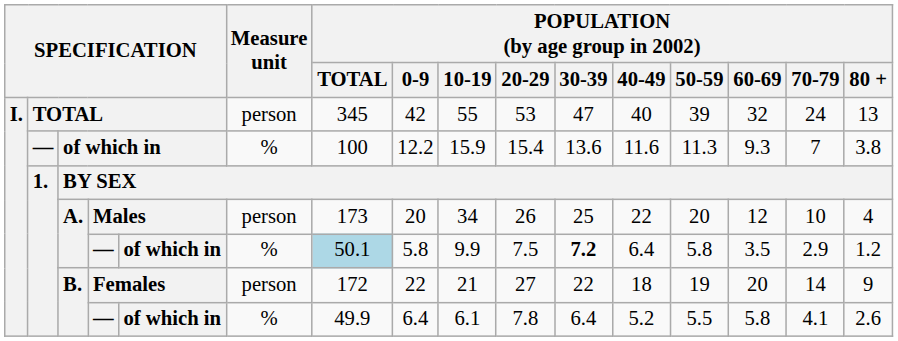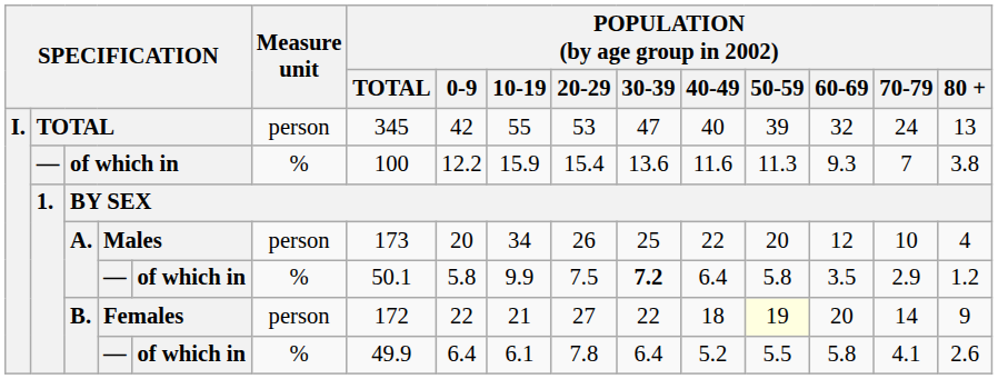 <table class="wikitable" style="font-size:85%; text-align:center">
 <tr>
 <th rowspan="2" colspan="5">SPECIFICATION</th>
 <th rowspan="2">Measure<br> unit</th>
 <th colspan="10" rowspan="1">POPULATION<br> (by age group in 2002)</th>
 </tr>
 <tr>
 <th>TOTAL</th>
 <th>0-9</th>
 <th>10-19</th>
 <th>20-29</th>
 <th>30-39</th>
 <th>40-49</th>
 <th>50-59</th>
 <th>60-69</th>
 <th>70-79</th>
 <th>80 +</th>
 </tr>
 <tr>
 <th style="text-align:left" valign="top" rowspan="7">I.</th>
 <th style="text-align:left" colspan="4">TOTAL</th>
 <td>person</td>
 <td>345</td>
 <td>42</td>
 <td>55</td>
 <td>53</td>
 <td>47</td>
 <td>40</td>
 <td>39</td>
 <td>32</td>
 <td>24</td>
 <td>13</td>
 </tr>
 <tr>
 <th style="text-align:left" valign="top">—</th>
 <th style="text-align:left" colspan="3">of which in</th>
 <td>%</td>
 <td>100</td>
 <td>12.2</td>
 <td>15.9</td>
 <td>15.4</td>
 <td>13.6</td>
 <td>11.6</td>
 <td>11.3</td>
 <td>9.3</td>
 <td>7</td>
 <td>3.8</td>
 </tr>
 <tr>
 <th style="text-align:left" valign="top" rowspan="5">1.</th>
 <th style="text-align:left" colspan="14">BY SEX</th>
 </tr>
 <tr>
 <th style="text-align:left" valign="top" rowspan="2">A.</th>
 <th style="text-align:left" colspan="2">Males</th>
 <td>person</td>
 <td>173</td>
 <td>20</td>
 <td>34</td>
 <td>26</td>
 <td>25</td>
 <td>22</td>
 <td>20</td>
 <td>12</td>
 <td>10</td>
 <td>4</td>
 </tr>
 <tr>
 <th style="text-align:left" valign="top">—</th>
 <th style="text-align:left" colspan="1">of which in</th>
 <td>%</td>
-<td style="background: lightblue;">50.1</td>
+<td>50.1</td>
 <td>5.8</td>
 <td>9.9</td>
 <td>7.5</td>
 <td><strong>7.2</strong></td>
 <td>6.4</td>
 <td>5.8</td>
 <td>3.5</td>
 <td>2.9</td>
 <td>1.2</td>
 </tr>
 <tr>
 <th style="text-align:left" valign="top" rowspan="2">B.</th>
 <th style="text-align:left" colspan="2">Females</th>
 <td>person</td>
 <td>172</td>
 <td>22</td>
 <td>21</td>
 <td>27</td>
 <td>22</td>
 <td>18</td>
-<td>19</td>
+<td style="background: lightyellow;">19</td>
 <td>20</td>
 <td>14</td>
 <td>9</td>
 </tr>
 <tr>
 <th style="text-align:left" valign="top">—</th>
 <th style="text-align:left" colspan="1">of which in</th>
 <td>%</td>
 <td>49.9</td>
 <td>6.4</td>
 <td>6.1</td>
 <td>7.8</td>
 <td>6.4</td>
 <td>5.2</td>
 <td>5.5</td>
 <td>5.8</td>
 <td>4.1</td>
 <td>2.6</td>
 </tr>
 </table>
